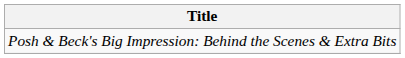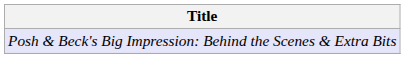 <table class="wikitable sortable">
 <tr>
 <th>Title</th>
 </tr>
 <tr>
-<td><em>Posh & Beck's Big Impression: Behind the Scenes & Extra Bits</em></td>
+<td style="background: lavender;"><em>Posh & Beck's Big Impression: Behind the Scenes & Extra Bits</em></td>
 </tr>
 <tr>
 </tr>
 </table>
